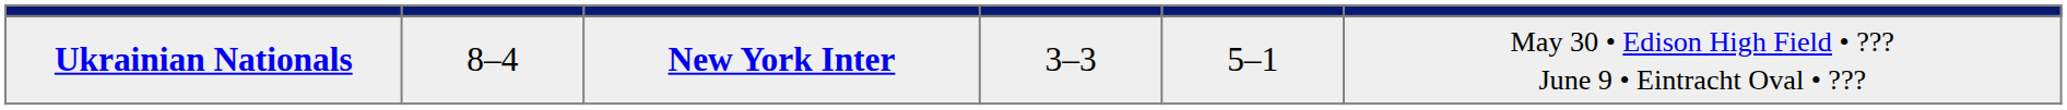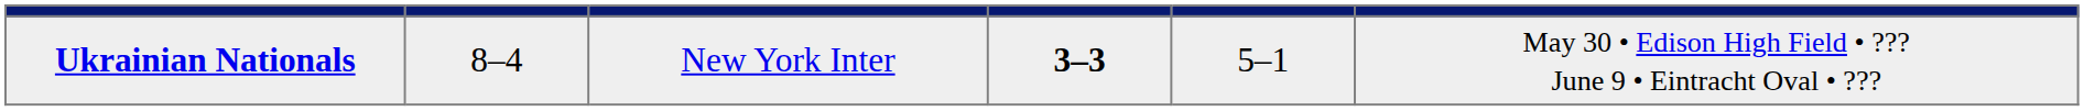 <table style=border-collapse:collapse border=1 cellspacing=0 cellpadding=2>
 <tr align=center bgcolor=#071871>
 <th width=180></th>
 <th width=80></th>
 <th width=180></th>
 <th width=80></th>
 <th width=80></th>
 <td width=330></td>
 </tr>
 <tr align=center bgcolor=#efefef>
 <td align=center><strong><a href='#'>Ukrainian Nationals</a></strong></td>
 <td>8–4</td>
-<td align=center><strong><a href='#'>New York Inter</a></strong></td>
-<td>3–3</td>
+<td align=center><a href='#'>New York Inter</a></td>
+<td><strong>3–3</strong></td>
 <td>5–1</td>
 <td><small>May 30 • <a href='#'>Edison High Field</a> • ???<br>June 9 • Eintracht Oval • ???</small></td>
 </tr>
 </table>
